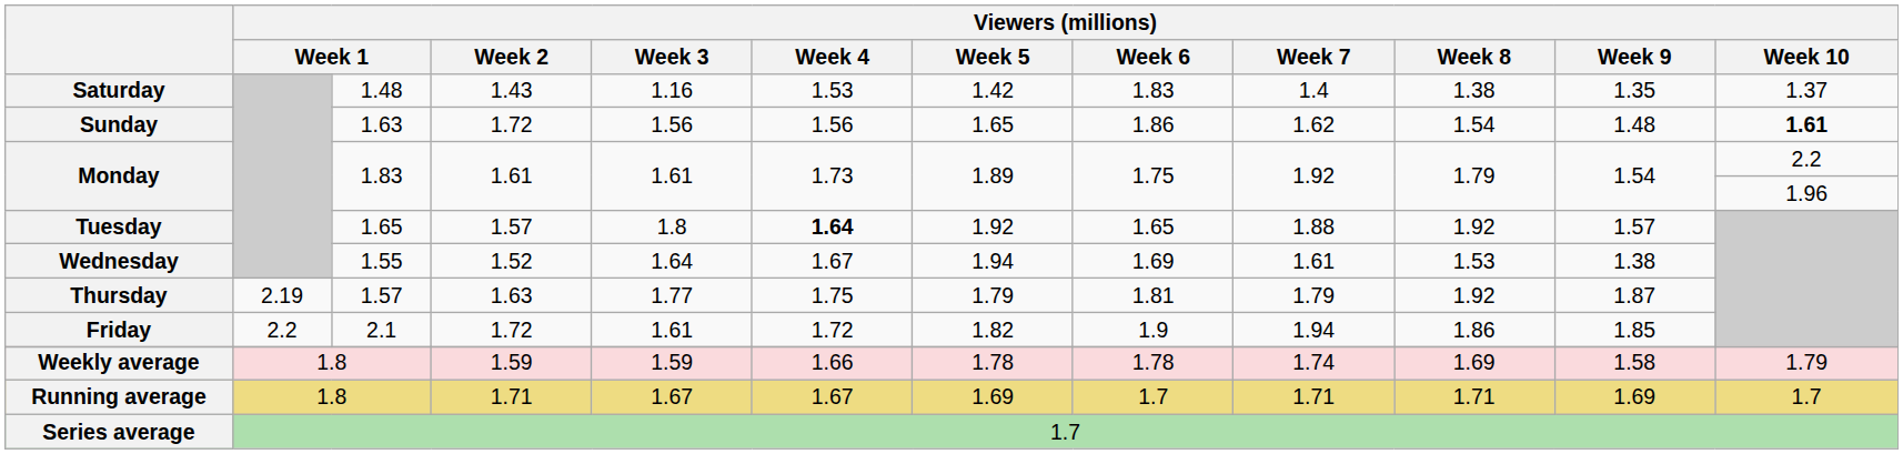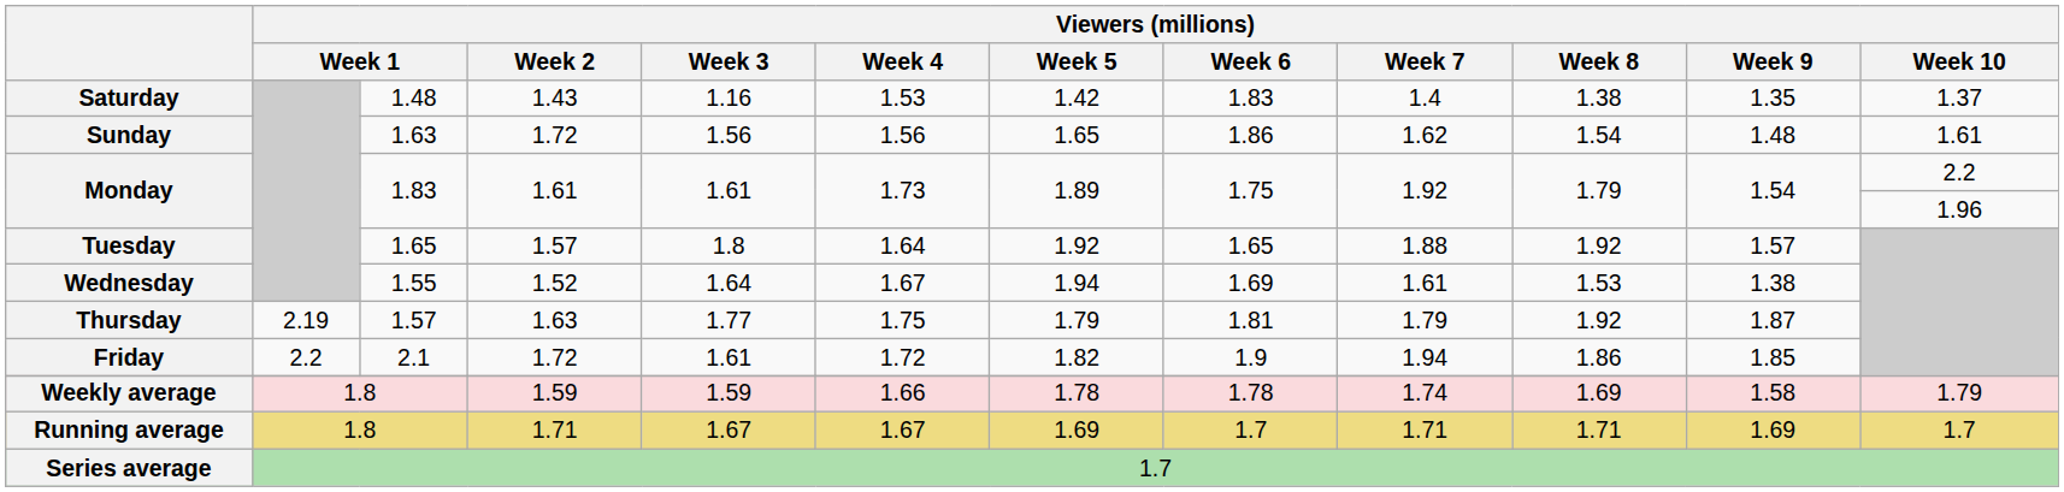 <table class="wikitable" style="font-size:90%; text-align:center; width: 100%; margin-left: auto; margin-right: auto;">
 <tr>
 <th scope="col" rowspan="2" style="width:12%;"></th>
 <th scope=col colspan=13>Viewers (millions)</th>
 </tr>
 <tr>
 <th colspan=2>Week 1</th>
 <th>Week 2</th>
 <th>Week 3</th>
 <th>Week 4</th>
 <th>Week 5</th>
 <th>Week 6</th>
 <th>Week 7</th>
 <th>Week 8</th>
 <th>Week 9</th>
 <th>Week 10</th>
 </tr>
 <tr>
 <th>Saturday</th>
 <td style="background:#ccc;" rowspan="6"></td>
 <td>1.48</td>
 <td>1.43</td>
 <td>1.16</td>
 <td>1.53</td>
 <td>1.42</td>
 <td>1.83</td>
 <td>1.4</td>
 <td>1.38</td>
 <td>1.35</td>
 <td>1.37</td>
 </tr>
 <tr>
 <th>Sunday</th>
 <td>1.63</td>
 <td>1.72</td>
 <td>1.56</td>
 <td>1.56</td>
 <td>1.65</td>
 <td>1.86</td>
 <td>1.62</td>
 <td>1.54</td>
 <td>1.48</td>
-<td><strong>1.61</strong></td>
+<td>1.61</td>
 </tr>
 <tr>
 <th rowspan="2">Monday</th>
 <td rowspan="2">1.83</td>
 <td rowspan="2">1.61</td>
 <td rowspan="2">1.61</td>
 <td rowspan="2">1.73</td>
 <td rowspan="2">1.89</td>
 <td rowspan="2">1.75</td>
 <td rowspan="2">1.92</td>
 <td rowspan="2">1.79</td>
 <td rowspan="2">1.54</td>
 <td>2.2</td>
 </tr>
 <tr>
 <td>1.96</td>
 </tr>
 <tr>
 <th>Tuesday</th>
 <td>1.65</td>
 <td>1.57</td>
 <td>1.8</td>
-<td><strong>1.64</strong></td>
+<td>1.64</td>
 <td>1.92</td>
 <td>1.65</td>
 <td>1.88</td>
 <td>1.92</td>
 <td>1.57</td>
 <td style="background:#ccc;" rowspan="4"></td>
 </tr>
 <tr>
 <th>Wednesday</th>
 <td>1.55</td>
 <td>1.52</td>
 <td>1.64</td>
 <td>1.67</td>
 <td>1.94</td>
 <td>1.69</td>
 <td>1.61</td>
 <td>1.53</td>
 <td>1.38</td>
 </tr>
 <tr>
 <th>Thursday</th>
 <td>2.19</td>
 <td>1.57</td>
 <td>1.63</td>
 <td>1.77</td>
 <td>1.75</td>
 <td>1.79</td>
 <td>1.81</td>
 <td>1.79</td>
 <td>1.92</td>
 <td>1.87</td>
 </tr>
 <tr>
 <th>Friday</th>
 <td>2.2</td>
 <td>2.1</td>
 <td>1.72</td>
 <td>1.61</td>
 <td>1.72</td>
 <td>1.82</td>
 <td>1.9</td>
 <td>1.94</td>
 <td>1.86</td>
 <td>1.85</td>
 </tr>
 <tr>
 </tr>
 <tr style="background:#FADADD;" |>
 <th>Weekly average</th>
 <td colspan=2>1.8</td>
 <td>1.59</td>
 <td>1.59</td>
 <td>1.66</td>
 <td>1.78</td>
 <td>1.78</td>
 <td>1.74</td>
 <td>1.69</td>
 <td>1.58</td>
 <td>1.79</td>
 </tr>
 <tr style="background:#EEDC82;" |>
 <th>Running average</th>
 <td colspan=2>1.8</td>
 <td>1.71</td>
 <td>1.67</td>
 <td>1.67</td>
 <td>1.69</td>
 <td>1.7</td>
 <td>1.71</td>
 <td>1.71</td>
 <td>1.69</td>
 <td>1.7</td>
 </tr>
 <tr style="background:#ADDFAD;" |>
 <th>Series average</th>
 <td colspan="11">1.7</td>
 </tr>
 </table>
